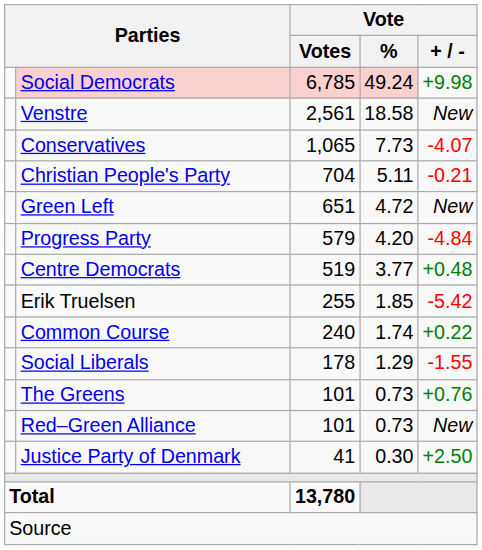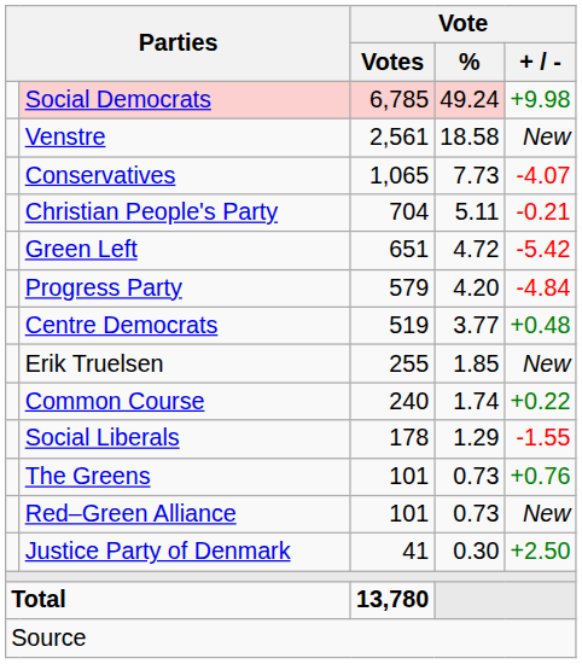 <table class="wikitable" style="text-align:right;">
 <tr>
 <th style="text-align:centre;" rowspan="2" colspan="2" width="225">Parties</th>
 <th colspan="3">Vote</th>
 </tr>
 <tr>
 <th width="15">Votes</th>
 <th width="15">%</th>
 <th width="15">+ / -</th>
 </tr>
 <tr>
 <td width="2" style="color:inherit;background:"></td>
 <td bgcolor=#fbd0ce  align="left"><a href='#'>Social Democrats</a></td>
 <td bgcolor=#fbd0ce>6,785</td>
 <td bgcolor=#fbd0ce>49.24</td>
 <td style=color:green;>+9.98</td>
 </tr>
 <tr>
 <td width="2" style="color:inherit;background:"></td>
 <td align="left"><a href='#'>Venstre</a></td>
 <td>2,561</td>
 <td>18.58</td>
 <td><em>New</em></td>
 </tr>
 <tr>
 <td width="2" style="color:inherit;background:"></td>
 <td align="left"><a href='#'>Conservatives</a></td>
 <td>1,065</td>
 <td>7.73</td>
 <td style=color:red;>-4.07</td>
 </tr>
 <tr>
 <td width="2" style="color:inherit;background:"></td>
 <td align="left"><a href='#'>Christian People's Party</a></td>
 <td>704</td>
 <td>5.11</td>
 <td style=color:red;>-0.21</td>
 </tr>
 <tr>
 <td width="2" style="color:inherit;background:"></td>
 <td align="left"><a href='#'>Green Left</a></td>
 <td>651</td>
 <td>4.72</td>
-<td><em>New</em></td>
+<td style=color:red;>-5.42</td>
 </tr>
 <tr>
 <td width="2" style="color:inherit;background:"></td>
 <td align="left"><a href='#'>Progress Party</a></td>
 <td>579</td>
 <td>4.20</td>
 <td style=color:red;>-4.84</td>
 </tr>
 <tr>
 <td width="2" style="color:inherit;background:"></td>
 <td align="left"><a href='#'>Centre Democrats</a></td>
 <td>519</td>
 <td>3.77</td>
 <td style=color:green;>+0.48</td>
 </tr>
 <tr>
 <td width="2" style="color:inherit;background:"></td>
 <td align="left">Erik Truelsen</td>
 <td>255</td>
 <td>1.85</td>
-<td style=color:red;>-5.42</td>
+<td><em>New</em></td>
 </tr>
 <tr>
 <td width="2" style="color:inherit;background:"></td>
 <td align="left"><a href='#'>Common Course</a></td>
 <td>240</td>
 <td>1.74</td>
 <td style=color:green;>+0.22</td>
 </tr>
 <tr>
 <td width="2" style="color:inherit;background:"></td>
 <td align="left"><a href='#'>Social Liberals</a></td>
 <td>178</td>
 <td>1.29</td>
 <td style=color:red;>-1.55</td>
 </tr>
 <tr>
 <td width="2" style="color:inherit;background:"></td>
 <td align="left"><a href='#'>The Greens</a></td>
 <td>101</td>
 <td>0.73</td>
 <td style=color:green;>+0.76</td>
 </tr>
 <tr>
 <td width="2" style="color:inherit;background:"></td>
 <td align="left"><a href='#'>Red–Green Alliance</a></td>
 <td>101</td>
 <td>0.73</td>
 <td><em>New</em></td>
 </tr>
 <tr>
 <td width="2" style="color:inherit;background:"></td>
 <td align="left"><a href='#'>Justice Party of Denmark</a></td>
 <td>41</td>
 <td>0.30</td>
 <td style=color:green;>+2.50</td>
 </tr>
 <tr>
 <td colspan="7" bgcolor="#E9E9E9"></td>
 </tr>
 <tr>
 <td align="left" colspan="2"><strong>Total</strong></td>
 <td><strong>13,780</strong></td>
 <td bgcolor="#E9E9E9" colspan="2"></td>
 </tr>
 <tr>
 <td align="left" colspan="6">Source</td>
 </tr>
 </table>
